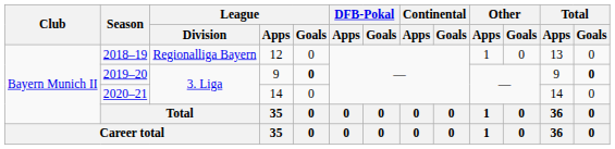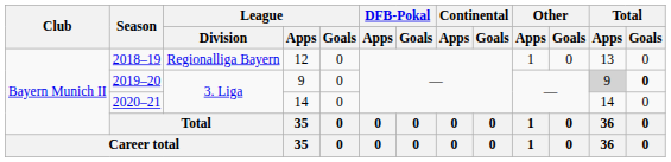 <table class="wikitable" style="text-align: center">
 <tr>
 <th rowspan="2">Club</th>
 <th rowspan="2">Season</th>
 <th colspan="3">League</th>
 <th colspan="2"><a href='#'>DFB-Pokal</a></th>
 <th colspan="2">Continental</th>
 <th colspan="2">Other</th>
 <th colspan="2">Total</th>
 </tr>
 <tr>
 <th>Division</th>
 <th>Apps</th>
 <th>Goals</th>
 <th>Apps</th>
 <th>Goals</th>
 <th>Apps</th>
 <th>Goals</th>
 <th>Apps</th>
 <th>Goals</th>
 <th>Apps</th>
 <th>Goals</th>
 </tr>
 <tr>
 <td rowspan="4"><a href='#'>Bayern Munich II</a></td>
 <td><a href='#'>2018–19</a></td>
 <td><a href='#'>Regionalliga Bayern</a></td>
 <td>12</td>
 <td>0</td>
 <td colspan="4" rowspan="3">—</td>
 <td>1</td>
 <td>0</td>
 <td>13</td>
 <td>0</td>
 </tr>
 <tr>
 <td><a href='#'>2019–20</a></td>
 <td rowspan="2"><a href='#'>3. Liga</a></td>
 <td>9</td>
-<td><strong>0</strong></td>
+<td>0</td>
 <td colspan="2" rowspan="2">—</td>
-<td>9</td>
+<td style="background: lightgrey;">9</td>
 <td><strong>0</strong></td>
 </tr>
 <tr>
 <td><a href='#'>2020–21</a></td>
 <td>14</td>
 <td>0</td>
 <td>14</td>
 <td>0</td>
 </tr>
 <tr>
 <th colspan="2">Total</th>
 <th>35</th>
 <th>0</th>
 <th>0</th>
 <th>0</th>
 <th>0</th>
 <th>0</th>
 <th>1</th>
 <th>0</th>
 <th>36</th>
 <th>0</th>
 </tr>
 <tr>
 <th colspan="3">Career total</th>
 <th>35</th>
 <th>0</th>
 <th>0</th>
 <th>0</th>
 <th>0</th>
 <th>0</th>
 <th>1</th>
 <th>0</th>
 <th>36</th>
 <th>0</th>
 </tr>
 </table>
